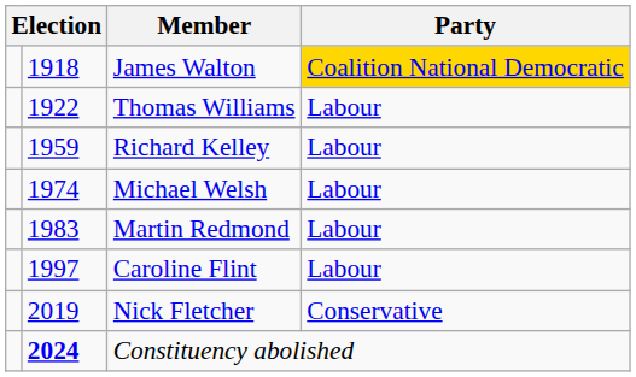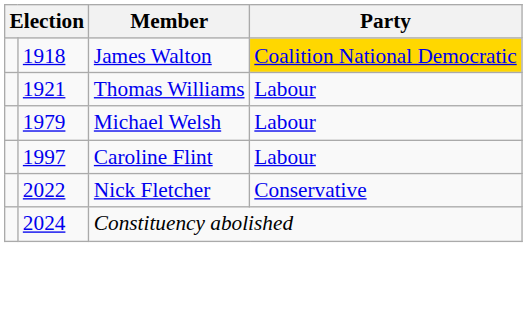 <table class="wikitable">
 <tr>
 <th colspan="2">Election</th>
 <th>Member</th>
 <th>Party</th>
 </tr>
 <tr>
 <td style="color:inherit;background-color: "></td>
 <td><a href='#'>1918</a></td>
 <td><a href='#'>James Walton</a></td>
 <td style="background: gold;"><a href='#'>Coalition National Democratic</a></td>
 </tr>
 <tr>
 <td style="color:inherit;background-color: "></td>
-<td><a href='#'>1922</a></td>
+<td><a href='#'>1921</a></td>
 <td><a href='#'>Thomas Williams</a></td>
 <td><a href='#'>Labour</a></td>
 </tr>
 <tr>
 <td style="color:inherit;background-color: "></td>
-<td><a href='#'>1959</a></td>
-<td><a href='#'>Richard Kelley</a></td>
-<td><a href='#'>Labour</a></td>
-</tr>
-<tr>
-<td style="color:inherit;background-color: "></td>
-<td><a href='#'>1974</a></td>
+<td><a href='#'>1979</a></td>
 <td><a href='#'>Michael Welsh</a></td>
-<td><a href='#'>Labour</a></td>
-</tr>
-<tr>
-<td style="color:inherit;background-color: "></td>
-<td><a href='#'>1983</a></td>
-<td><a href='#'>Martin Redmond</a></td>
 <td><a href='#'>Labour</a></td>
 </tr>
 <tr>
 <td style="color:inherit;background-color: "></td>
 <td><a href='#'>1997</a></td>
 <td><a href='#'>Caroline Flint</a></td>
 <td><a href='#'>Labour</a></td>
 </tr>
 <tr>
 <td style="color:inherit;background-color: "></td>
-<td><a href='#'>2019</a></td>
+<td><a href='#'>2022</a></td>
 <td><a href='#'>Nick Fletcher</a></td>
 <td><a href='#'>Conservative</a></td>
 </tr>
 <tr>
 <td></td>
-<td><strong><a href='#'>2024</a></strong></td>
+<td><a href='#'>2024</a></td>
 <td colspan="2"><em>Constituency abolished</em></td>
 </tr>
 </table>
